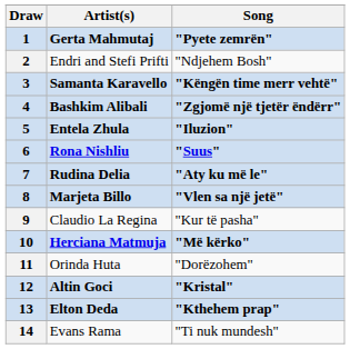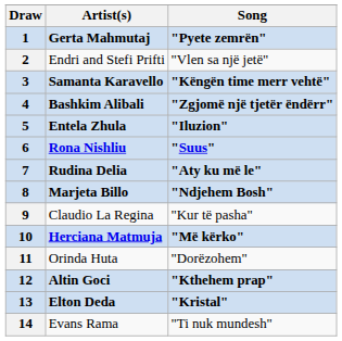 <table class="sortable wikitable plainrowheaders" style="margin: 1em auto 1em auto; text-align:left;">
 <tr>
 </tr>
 <tr>
 <th scope="col">Draw</th>
 <th scope="col">Artist(s)</th>
 <th scope="col">Song</th>
 </tr>
 <tr style="font-weight:bold; background:#CEDFF2;">
 <th scope="row" style="font-weight:bold; background:#CEDFF2; text-align:center;">1</th>
 <td>Gerta Mahmutaj</td>
 <td>"Pyete zemrën"</td>
 </tr>
 <tr>
 <th scope="row" style="text-align:center;">2</th>
 <td>Endri and Stefi Prifti</td>
-<td>"Ndjehem Bosh"</td>
+<td>"Vlen sa një jetë"</td>
 </tr>
 <tr style="font-weight:bold; background:#CEDFF2;">
 <th scope="row" style="font-weight:bold; background:#CEDFF2; text-align:center;">3</th>
 <td>Samanta Karavello</td>
 <td>"Këngën time merr vehtë"</td>
 </tr>
 <tr style="font-weight:bold; background:#CEDFF2;">
 <th scope="row" style="font-weight:bold; background:#CEDFF2; text-align:center;">4</th>
 <td>Bashkim Alibali</td>
 <td>"Zgjomë një tjetër ëndërr"</td>
 </tr>
 <tr style="font-weight:bold; background:#CEDFF2;">
 <th scope="row" style="font-weight:bold; background:#CEDFF2; text-align:center;">5</th>
 <td>Entela Zhula</td>
 <td>"Iluzion"</td>
 </tr>
 <tr style="font-weight:bold; background:#CEDFF2;">
 <th scope="row" style="font-weight:bold; background:#CEDFF2; text-align:center;">6</th>
 <td><a href='#'>Rona Nishliu</a></td>
 <td>"<a href='#'>Suus</a>"</td>
 </tr>
 <tr style="font-weight:bold; background:#CEDFF2;">
 <th scope="row" style="font-weight:bold; background:#CEDFF2; text-align:center;">7</th>
 <td>Rudina Delia</td>
 <td>"Aty ku më le"</td>
 </tr>
 <tr style="font-weight:bold; background:#CEDFF2;">
 <th scope="row" style="font-weight:bold; background:#CEDFF2; text-align:center;">8</th>
 <td>Marjeta Billo</td>
-<td>"Vlen sa një jetë"</td>
+<td>"Ndjehem Bosh"</td>
 </tr>
 <tr>
 <th scope="row" style="text-align:center;">9</th>
 <td>Claudio La Regina</td>
 <td>"Kur të pasha"</td>
 </tr>
 <tr style="font-weight:bold; background:#CEDFF2;">
 <th scope="row" style="font-weight:bold; background:#CEDFF2; text-align:center;">10</th>
 <td><a href='#'>Herciana Matmuja</a></td>
 <td>"Më kërko"</td>
 </tr>
 <tr>
 <th scope="row" style="text-align:center;">11</th>
 <td>Orinda Huta</td>
 <td>"Dorëzohem"</td>
 </tr>
 <tr style="font-weight:bold; background:#CEDFF2;">
 <th scope="row" style="font-weight:bold; background:#CEDFF2; text-align:center;">12</th>
 <td>Altin Goci</td>
-<td>"Kristal"</td>
+<td>"Kthehem prap"</td>
 </tr>
 <tr style="font-weight:bold; background:#CEDFF2;">
 <th scope="row" style="font-weight:bold; background:#CEDFF2; text-align:center;">13</th>
 <td>Elton Deda</td>
-<td>"Kthehem prap"</td>
+<td>"Kristal"</td>
 </tr>
 <tr>
 <th scope="row" style="text-align:center;">14</th>
 <td>Evans Rama</td>
 <td>"Ti nuk mundesh"</td>
 </tr>
 </table>
